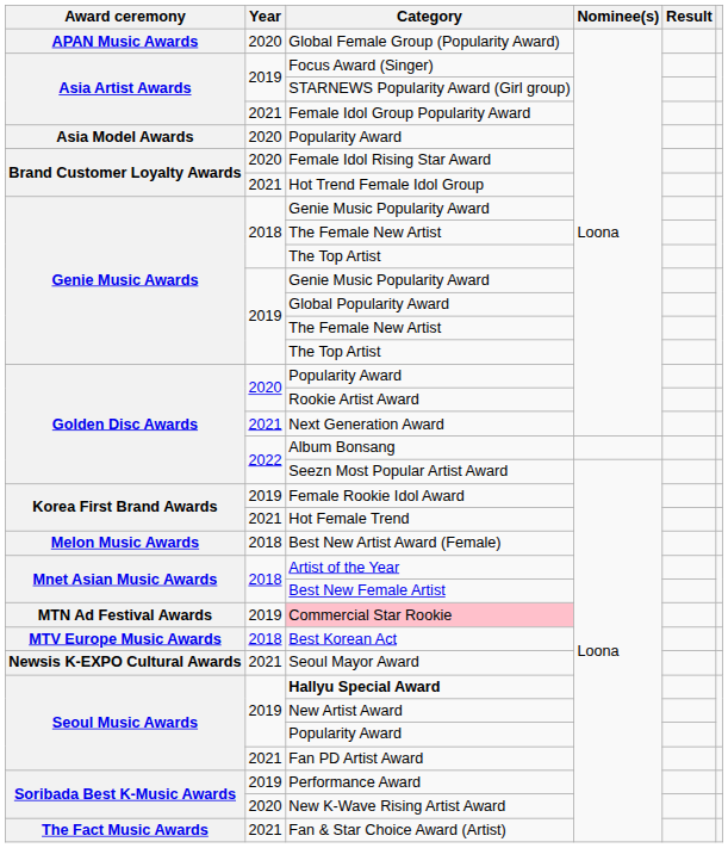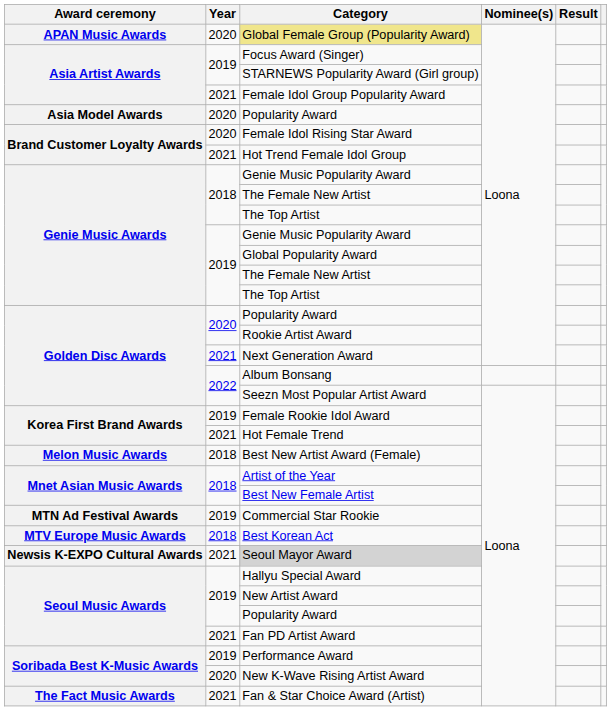 <table class="wikitable sortable plainrowheaders">
 <tr>
 <th scope="col">Award ceremony</th>
 <th scope="col">Year</th>
 <th scope="col">Category</th>
 <th scope="col">Nominee(s)</th>
 <th scope="col">Result</th>
 <th scope="col" class="unsortable"></th>
 </tr>
 <tr>
 <th scope="row"><a href='#'>APAN Music Awards</a></th>
 <td>2020</td>
-<td>Global Female Group (Popularity Award)</td>
+<td style="background: khaki;">Global Female Group (Popularity Award)</td>
 <td rowspan="17">Loona</td>
 <td></td>
 <td></td>
 </tr>
 <tr>
 <th scope="row" rowspan="3"><a href='#'>Asia Artist Awards</a></th>
 <td rowspan="2">2019</td>
 <td>Focus Award (Singer)</td>
 <td></td>
 <td style="text-align:center;" rowspan="2"></td>
 </tr>
 <tr>
 <td>STARNEWS Popularity Award (Girl group)</td>
 <td></td>
 </tr>
 <tr>
 <td>2021</td>
 <td>Female Idol Group Popularity Award</td>
 <td></td>
 <td style="text-align:center"></td>
 </tr>
 <tr>
 <th scope="row">Asia Model Awards</th>
 <td rowspan="1">2020</td>
 <td>Popularity Award</td>
 <td></td>
 <td style="text-align:center;"></td>
 </tr>
 <tr>
 <th scope="row" rowspan="2">Brand Customer Loyalty Awards</th>
 <td rowspan="1">2020</td>
 <td>Female Idol Rising Star Award</td>
 <td></td>
 <td style="text-align:center;"></td>
 </tr>
 <tr>
 <td>2021</td>
 <td>Hot Trend Female Idol Group</td>
 <td></td>
 <td align=center></td>
 </tr>
 <tr>
 <th scope="row" rowspan="7"><a href='#'>Genie Music Awards</a></th>
 <td rowspan="3">2018</td>
 <td>Genie Music Popularity Award</td>
 <td></td>
 <td style="text-align:center;" rowspan="3"></td>
 </tr>
 <tr>
 <td>The Female New Artist</td>
 <td></td>
 </tr>
 <tr>
 <td>The Top Artist</td>
 <td></td>
 </tr>
 <tr>
 <td rowspan="4">2019</td>
 <td>Genie Music Popularity Award</td>
 <td></td>
 <td style="text-align:center;" rowspan="4"></td>
 </tr>
 <tr>
 <td>Global Popularity Award</td>
 <td></td>
 </tr>
 <tr>
 <td>The Female New Artist</td>
 <td></td>
 </tr>
 <tr>
 <td>The Top Artist</td>
 <td></td>
 </tr>
 <tr>
 <th scope="row" rowspan="5"><a href='#'>Golden Disc Awards</a></th>
 <td rowspan="2"><a href='#'>2020</a></td>
 <td>Popularity Award</td>
 <td></td>
 <td style="text-align:center;"></td>
 </tr>
 <tr>
 <td>Rookie Artist Award</td>
 <td></td>
 <td style="text-align:center;"></td>
 </tr>
 <tr>
 <td><a href='#'>2021</a></td>
 <td>Next Generation Award</td>
 <td></td>
 <td style="text-align:center;"></td>
 </tr>
 <tr>
 <td rowspan="2"><a href='#'>2022</a></td>
 <td>Album Bonsang</td>
 <td><em><a href='#'></a></em></td>
 <td></td>
 <td style="text-align:center"></td>
 </tr>
 <tr>
 <td>Seezn Most Popular Artist Award</td>
 <td rowspan="16">Loona</td>
 <td></td>
 <td style="text-align:center"></td>
 </tr>
 <tr>
 <th scope="row" rowspan="2">Korea First Brand Awards</th>
 <td>2019</td>
 <td>Female Rookie Idol Award</td>
 <td></td>
 <td style="text-align:center;"></td>
 </tr>
 <tr>
 <td>2021</td>
 <td>Hot Female Trend</td>
 <td></td>
 <td style="text-align:center;"></td>
 </tr>
 <tr>
 <th scope="row"><a href='#'>Melon Music Awards</a></th>
 <td>2018</td>
 <td>Best New Artist Award (Female)</td>
 <td></td>
 <td style="text-align:center;"></td>
 </tr>
 <tr>
 <th scope="row" rowspan="2"><a href='#'>Mnet Asian Music Awards</a></th>
 <td rowspan="2"><a href='#'>2018</a></td>
 <td><a href='#'>Artist of the Year</a></td>
 <td></td>
 <td rowspan="2"></td>
 </tr>
 <tr>
 <td><a href='#'>Best New Female Artist</a></td>
 <td></td>
 </tr>
 <tr>
 <th scope="row">MTN Ad Festival Awards</th>
 <td>2019</td>
-<td style="background: pink;">Commercial Star Rookie</td>
+<td>Commercial Star Rookie</td>
 <td></td>
 <td style="text-align:center;"></td>
 </tr>
 <tr>
 <th scope="row"><a href='#'>MTV Europe Music Awards</a></th>
 <td><a href='#'>2018</a></td>
 <td><a href='#'>Best Korean Act</a></td>
 <td></td>
 <td style="text-align:center;"></td>
 </tr>
 <tr>
 <th scope="row">Newsis K-EXPO Cultural Awards</th>
 <td>2021</td>
-<td>Seoul Mayor Award</td>
+<td style="background: lightgrey;">Seoul Mayor Award</td>
 <td></td>
 <td style="text-align:center;"><br></td>
 </tr>
 <tr>
 <th scope="row" rowspan="4"><a href='#'>Seoul Music Awards</a></th>
 <td rowspan="3">2019</td>
-<td><strong>Hallyu Special Award</strong></td>
+<td>Hallyu Special Award</td>
 <td></td>
 <td style="text-align:center;" rowspan="3"></td>
 </tr>
 <tr>
 <td>New Artist Award</td>
 <td></td>
 </tr>
 <tr>
 <td>Popularity Award</td>
 <td></td>
 </tr>
 <tr>
 <td>2021</td>
 <td>Fan PD Artist Award</td>
 <td></td>
 <td></td>
 </tr>
 <tr>
 <th scope="row" rowspan="2"><a href='#'>Soribada Best K-Music Awards</a></th>
 <td rowspan="1">2019</td>
 <td>Performance Award</td>
 <td></td>
 <td style="text-align:center;"></td>
 </tr>
 <tr>
 <td rowspan="1">2020</td>
 <td>New K-Wave Rising Artist Award</td>
 <td></td>
 <td style="text-align:center;"></td>
 </tr>
 <tr>
 <th scope="row"><a href='#'>The Fact Music Awards</a></th>
 <td>2021</td>
 <td>Fan & Star Choice Award (Artist)</td>
 <td></td>
 <td align=center></td>
 </tr>
 </table>
